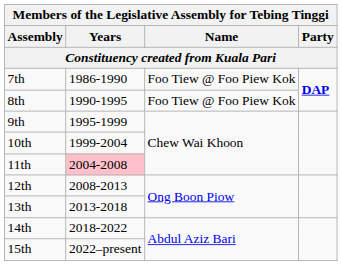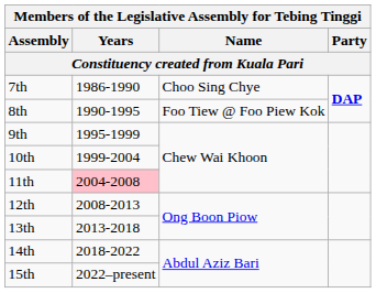 <table class="wikitable">
 <tr>
 <th colspan="4">Members of the Legislative Assembly for Tebing Tinggi</th>
 </tr>
 <tr>
 <th>Assembly</th>
 <th>Years</th>
 <th>Name</th>
 <th>Party</th>
 </tr>
 <tr>
 <th colspan="4"><em>Constituency created from Kuala Pari</em></th>
 </tr>
 <tr>
 <td>7th</td>
 <td>1986-1990</td>
-<td>Foo Tiew @ Foo Piew Kok</td>
+<td>Choo Sing Chye</td>
 <td rowspan="2"><strong><a href='#'>DAP</a></strong></td>
 </tr>
 <tr>
 <td>8th</td>
 <td>1990-1995</td>
 <td>Foo Tiew @ Foo Piew Kok</td>
 </tr>
 <tr>
 <td>9th</td>
 <td>1995-1999</td>
 <td rowspan="3">Chew Wai Khoon</td>
 <td rowspan="3"></td>
 </tr>
 <tr>
 <td>10th</td>
 <td>1999-2004</td>
 </tr>
 <tr>
 <td>11th</td>
 <td style="background: pink;">2004-2008</td>
 </tr>
 <tr>
 <td>12th</td>
 <td>2008-2013</td>
 <td rowspan="2"><a href='#'>Ong Boon Piow</a></td>
 <td rowspan="2"></td>
 </tr>
 <tr>
 <td>13th</td>
 <td>2013-2018</td>
 </tr>
 <tr>
 <td>14th</td>
 <td>2018-2022</td>
 <td rowspan="2"><a href='#'>Abdul Aziz Bari</a></td>
 <td rowspan="2"></td>
 </tr>
 <tr>
 <td>15th</td>
 <td>2022–present</td>
 </tr>
 </table>
